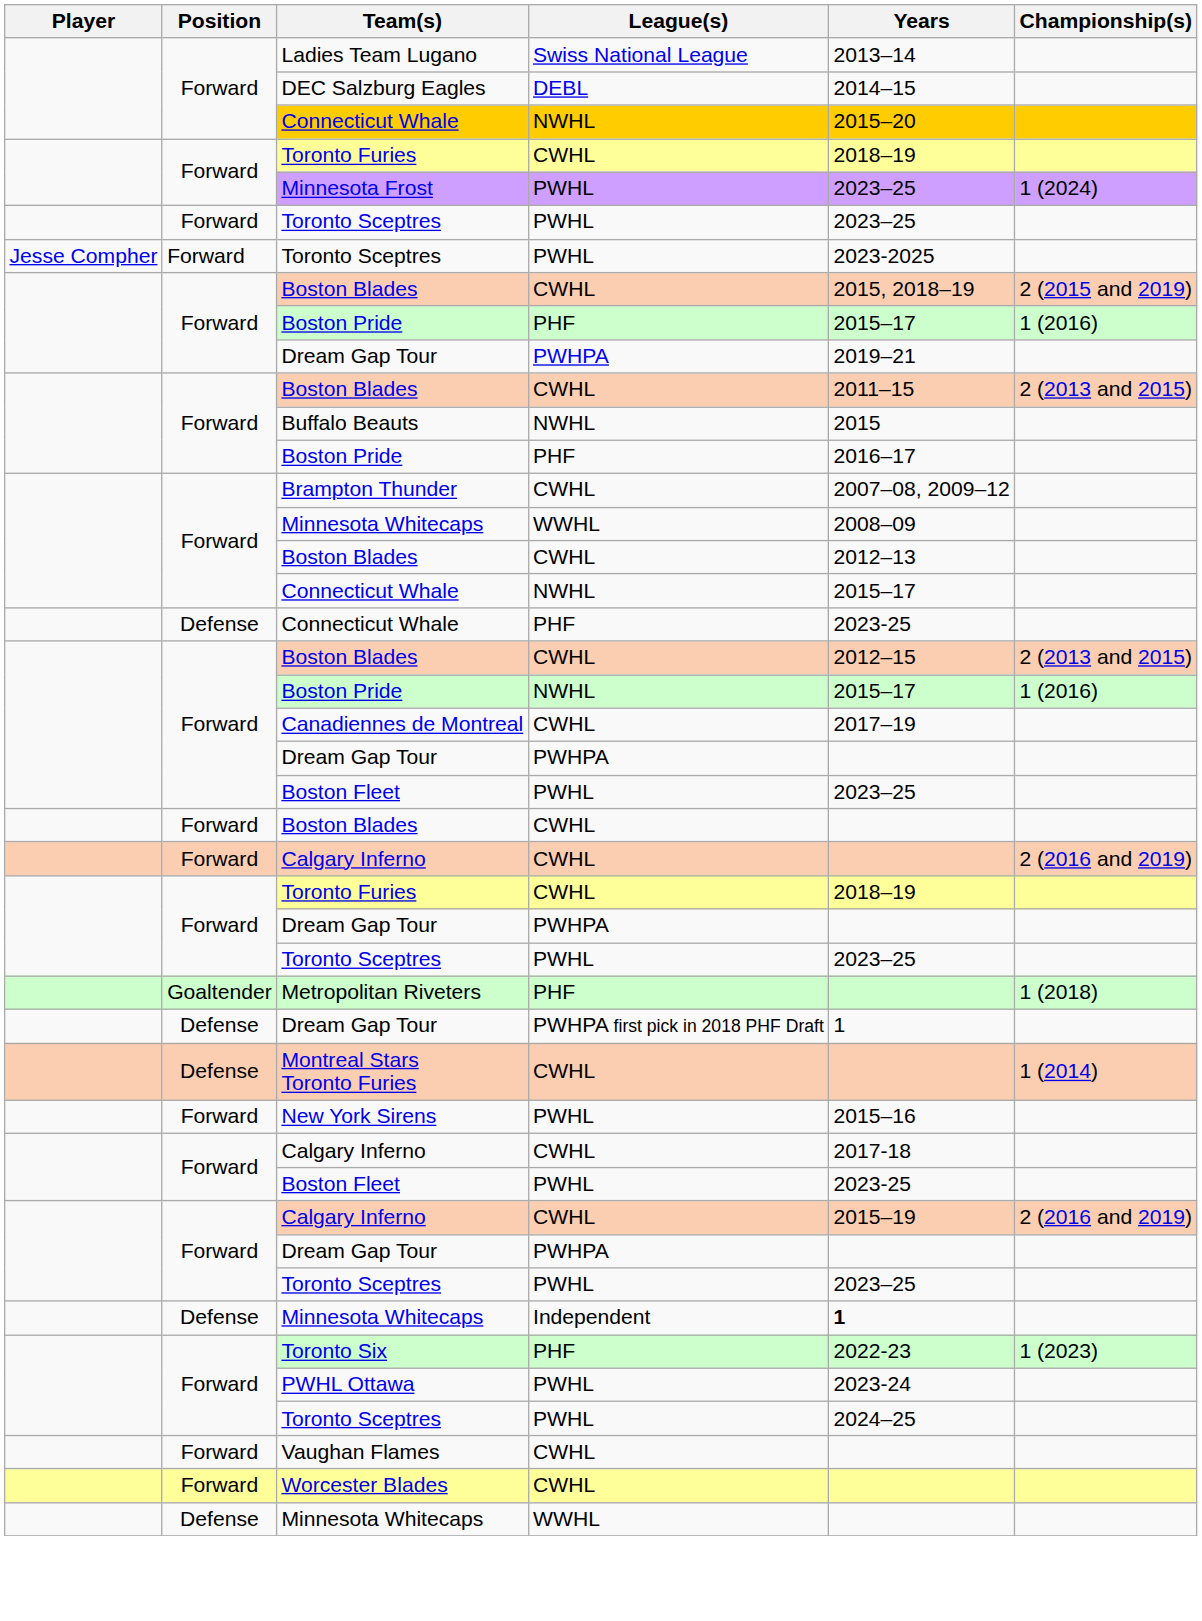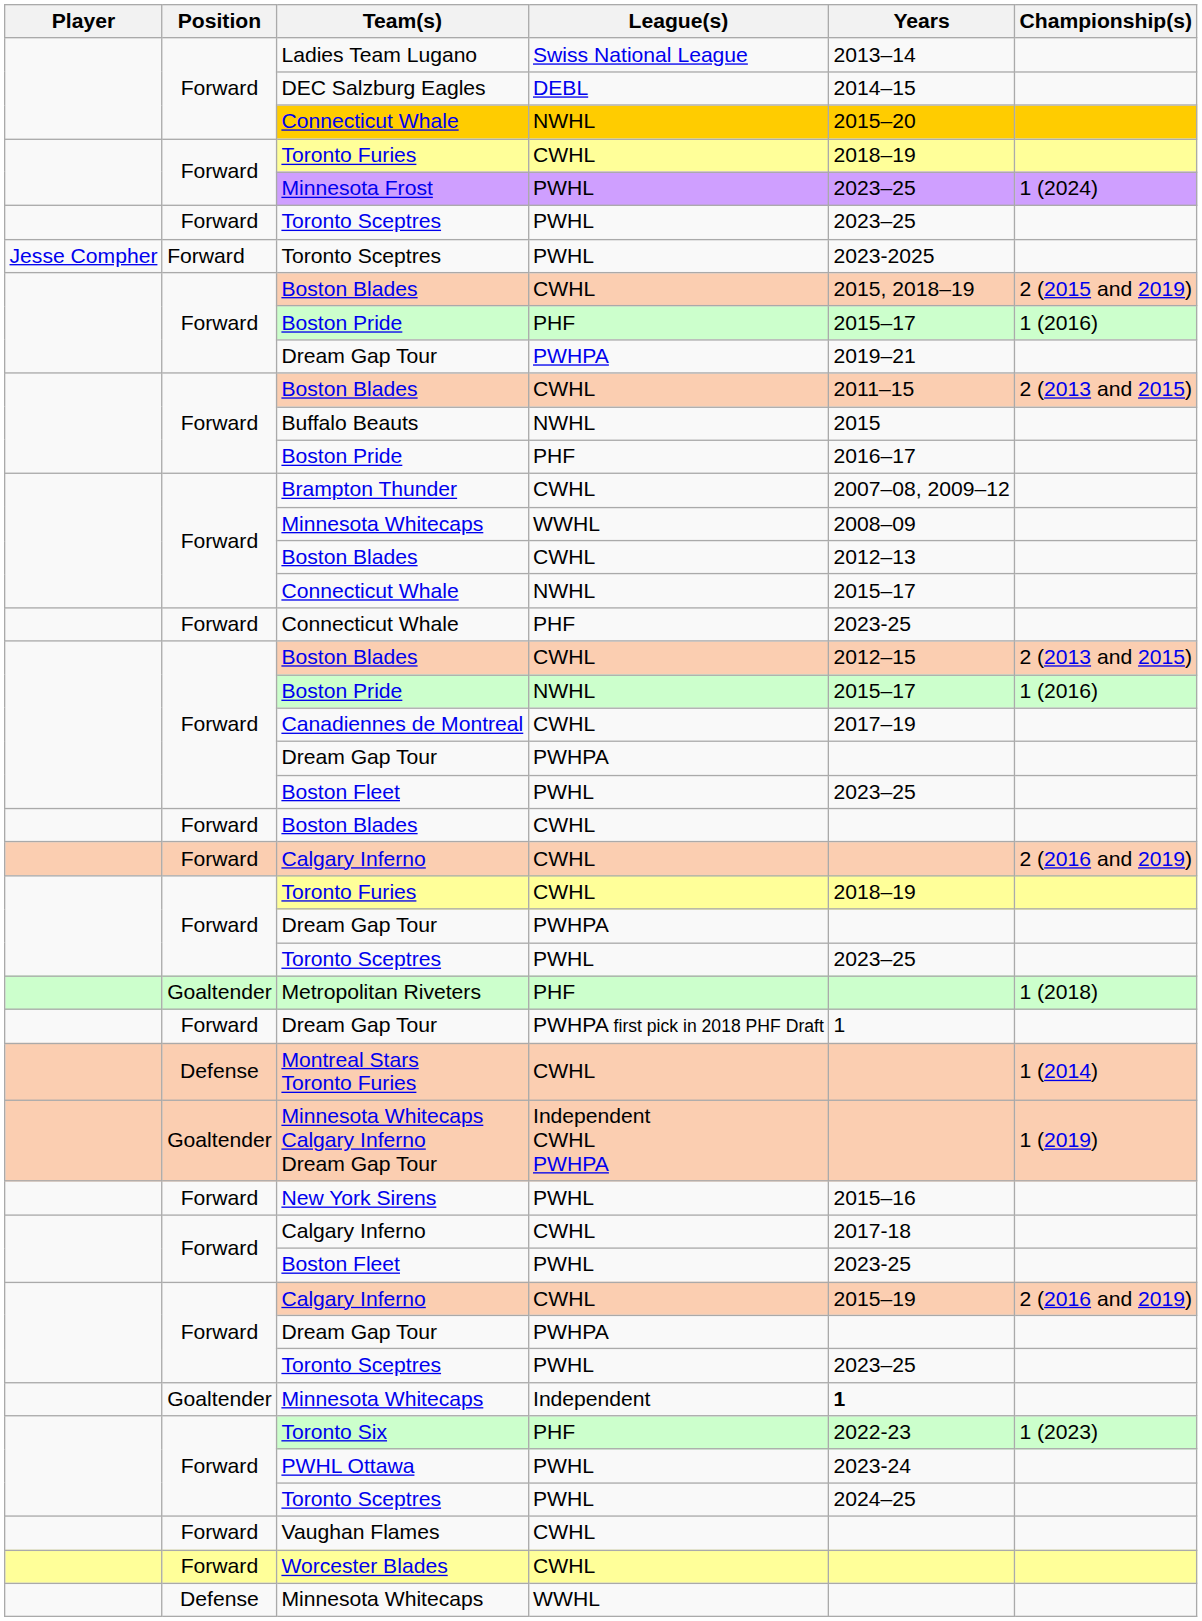 <table class="wikitable sortable">
 <tr>
 <th>Player</th>
 <th>Position</th>
 <th>Team(s)</th>
 <th>League(s)</th>
 <th>Years</th>
 <th>Championship(s)</th>
 </tr>
 <tr>
 <td rowspan="3"></td>
 <td align="center"  rowspan="3">Forward</td>
 <td>Ladies Team Lugano</td>
 <td><a href='#'>Swiss National League</a></td>
 <td>2013–14</td>
 <td></td>
 </tr>
 <tr>
 <td>DEC Salzburg Eagles</td>
 <td><a href='#'>DEBL</a></td>
 <td>2014–15</td>
 <td></td>
 </tr>
 <tr bgcolor=FFCC00>
 <td><a href='#'>Connecticut Whale</a></td>
 <td>NWHL</td>
 <td>2015–20</td>
 <td></td>
 </tr>
 <tr>
 <td rowspan="2"></td>
 <td rowspan="2" align="center">Forward</td>
 <td bgcolor="FFFF99"><a href='#'>Toronto Furies</a></td>
 <td bgcolor="FFFF99">CWHL</td>
 <td bgcolor="FFFF99">2018–19</td>
 <td bgcolor="FFFF99"></td>
 </tr>
 <tr>
 <td bgcolor="CF9FFF"><a href='#'>Minnesota Frost</a></td>
 <td bgcolor="CF9FFF">PWHL</td>
 <td bgcolor="CF9FFF">2023–25</td>
 <td bgcolor="CF9FFF">1 (2024)</td>
 </tr>
 <tr>
 <td></td>
 <td align="center">Forward</td>
 <td><a href='#'>Toronto Sceptres</a></td>
 <td>PWHL</td>
 <td>2023–25</td>
 <td></td>
 </tr>
 <tr>
 <td><a href='#'>Jesse Compher</a></td>
 <td>Forward</td>
 <td>Toronto Sceptres</td>
 <td>PWHL</td>
 <td>2023-2025</td>
 <td></td>
 </tr>
 <tr>
 <td rowspan="3"></td>
 <td align="center"rowspan="3">Forward</td>
 <td bgcolor="FBCEB1"><a href='#'>Boston Blades</a></td>
 <td bgcolor="FBCEB1">CWHL</td>
 <td bgcolor="FBCEB1">2015, 2018–19</td>
 <td bgcolor="FBCEB1">2 (<a href='#'>2015</a> and <a href='#'>2019</a>)</td>
 </tr>
 <tr>
 <td bgcolor=#CCFFCC><a href='#'>Boston Pride</a></td>
 <td bgcolor=#CCFFCC>PHF</td>
 <td bgcolor=#CCFFCC>2015–17</td>
 <td bgcolor=#CCFFCC>1 (2016)</td>
 </tr>
 <tr>
 <td>Dream Gap Tour</td>
 <td><a href='#'>PWHPA</a></td>
 <td>2019–21</td>
 <td></td>
 </tr>
 <tr>
 <td rowspan="3"></td>
 <td rowspan="3" align="center">Forward</td>
 <td bgcolor="FBCEB1"><a href='#'>Boston Blades</a></td>
 <td bgcolor="FBCEB1">CWHL</td>
 <td bgcolor="FBCEB1">2011–15</td>
 <td bgcolor="FBCEB1">2 (<a href='#'>2013</a> and <a href='#'>2015</a>)</td>
 </tr>
 <tr>
 <td>Buffalo Beauts</td>
 <td>NWHL</td>
 <td>2015</td>
 <td></td>
 </tr>
 <tr>
 <td><a href='#'>Boston Pride</a></td>
 <td>PHF</td>
 <td>2016–17</td>
 <td></td>
 </tr>
 <tr bgcolor="">
 <td rowspan="4"></td>
 <td rowspan="4" align="center">Forward</td>
 <td><a href='#'>Brampton Thunder</a></td>
 <td>CWHL</td>
 <td>2007–08, 2009–12</td>
 <td></td>
 </tr>
 <tr>
 <td><a href='#'>Minnesota Whitecaps</a></td>
 <td>WWHL</td>
 <td>2008–09</td>
 <td></td>
 </tr>
 <tr>
 <td><a href='#'>Boston Blades</a></td>
 <td>CWHL</td>
 <td>2012–13</td>
 <td></td>
 </tr>
 <tr>
 <td><a href='#'>Connecticut Whale</a></td>
 <td>NWHL</td>
 <td>2015–17</td>
 <td></td>
 </tr>
 <tr bgcolor="">
 <td></td>
-<td align="center">Defense</td>
+<td align="center">Forward</td>
 <td>Connecticut Whale</td>
 <td>PHF</td>
 <td>2023-25</td>
 <td></td>
 </tr>
 <tr bgcolor="">
 <td rowspan="5"></td>
 <td rowspan="5" align="center">Forward</td>
 <td bgcolor="FBCEB1"><a href='#'>Boston Blades</a></td>
 <td bgcolor="FBCEB1">CWHL</td>
 <td bgcolor="FBCEB1">2012–15</td>
 <td bgcolor="FBCEB1">2 (<a href='#'>2013</a> and <a href='#'>2015</a>)</td>
 </tr>
 <tr>
 <td bgcolor="#CCFFCC"><a href='#'>Boston Pride</a></td>
 <td bgcolor="#CCFFCC">NWHL</td>
 <td bgcolor="#CCFFCC">2015–17</td>
 <td bgcolor="#CCFFCC">1 (2016)</td>
 </tr>
 <tr>
 <td><a href='#'>Canadiennes de Montreal</a></td>
 <td>CWHL</td>
 <td>2017–19</td>
 <td></td>
 </tr>
 <tr>
 <td>Dream Gap Tour</td>
 <td>PWHPA</td>
 <td></td>
 <td></td>
 </tr>
 <tr>
 <td><a href='#'>Boston Fleet</a></td>
 <td>PWHL</td>
 <td>2023–25</td>
 <td></td>
 </tr>
 <tr bgcolor="">
 <td></td>
 <td align="center">Forward</td>
 <td><a href='#'>Boston Blades</a></td>
 <td>CWHL</td>
 <td></td>
 <td></td>
 </tr>
 <tr bgcolor="FBCEB1">
 <td></td>
 <td align="center">Forward</td>
 <td><a href='#'>Calgary Inferno</a></td>
 <td>CWHL</td>
 <td></td>
 <td>2 (<a href='#'>2016</a> and <a href='#'>2019</a>)</td>
 </tr>
 <tr>
 <td rowspan="3"></td>
 <td rowspan="3" align="center">Forward</td>
 <td bgcolor="FFFF99"><a href='#'>Toronto Furies</a></td>
 <td bgcolor="FFFF99">CWHL</td>
 <td bgcolor="FFFF99">2018–19</td>
 <td bgcolor="FFFF99"></td>
 </tr>
 <tr>
 <td>Dream Gap Tour</td>
 <td>PWHPA</td>
 <td></td>
 <td></td>
 </tr>
 <tr>
 <td><a href='#'>Toronto Sceptres</a></td>
 <td>PWHL</td>
 <td>2023–25</td>
 <td></td>
 </tr>
 <tr bgcolor="CCFFCC">
 <td></td>
 <td align="center">Goaltender</td>
 <td>Metropolitan Riveters</td>
 <td>PHF</td>
 <td></td>
 <td>1 (2018)</td>
 </tr>
 <tr bgcolor=>
 <td></td>
-<td align="center">Defense</td>
+<td align="center">Forward</td>
 <td>Dream Gap Tour</td>
 <td>PWHPA <small>first pick in 2018 PHF Draft</small></td>
 <td>1</td>
 <td></td>
 </tr>
 <tr bgcolor="FBCEB1">
 <td></td>
 <td align="center">Defense</td>
 <td><a href='#'>Montreal Stars</a><br><a href='#'>Toronto Furies</a></td>
 <td>CWHL</td>
 <td></td>
 <td>1 (<a href='#'>2014</a>)</td>
+</tr>
+<tr bgcolor="FBCEB1">
+<td></td>
+<td align="center">Goaltender</td>
+<td><a href='#'>Minnesota Whitecaps</a><br><a href='#'>Calgary Inferno</a><br>Dream Gap Tour</td>
+<td>Independent<br>CWHL<br><a href='#'>PWHPA</a></td>
+<td></td>
+<td>1 (<a href='#'>2019</a>)</td>
 </tr>
 <tr bgcolor="">
 <td></td>
 <td align="center">Forward</td>
 <td><a href='#'>New York Sirens</a></td>
 <td>PWHL</td>
 <td>2015–16</td>
 <td></td>
 </tr>
 <tr bgcolor="">
 <td rowspan="2"></td>
 <td rowspan="2" align="center">Forward</td>
 <td>Calgary Inferno</td>
 <td>CWHL</td>
 <td>2017-18</td>
 <td></td>
 </tr>
 <tr>
 <td><a href='#'>Boston Fleet</a></td>
 <td>PWHL</td>
 <td>2023-25</td>
 <td></td>
 </tr>
 <tr>
 <td rowspan="3"></td>
 <td rowspan="3" align="center">Forward</td>
 <td bgcolor="FBCEB1"><a href='#'>Calgary Inferno</a></td>
 <td bgcolor="FBCEB1">CWHL</td>
 <td bgcolor="FBCEB1">2015–19</td>
 <td bgcolor="FBCEB1">2 (<a href='#'>2016</a> and <a href='#'>2019</a>)</td>
 </tr>
 <tr>
 <td>Dream Gap Tour</td>
 <td>PWHPA</td>
 <td></td>
 <td></td>
 </tr>
 <tr>
 <td><a href='#'>Toronto Sceptres</a></td>
 <td>PWHL</td>
 <td>2023–25</td>
 <td></td>
 </tr>
 <tr bgcolor="">
 <td></td>
-<td align="center">Defense</td>
+<td align="center">Goaltender</td>
 <td><a href='#'>Minnesota Whitecaps</a></td>
 <td>Independent</td>
 <td><strong>1</strong></td>
 <td></td>
 </tr>
 <tr>
 <td rowspan="3"></td>
 <td rowspan="3" align="center">Forward</td>
 <td bgcolor="CCFFCC"><a href='#'>Toronto Six</a></td>
 <td bgcolor="CCFFCC">PHF</td>
 <td bgcolor="CCFFCC">2022-23</td>
 <td bgcolor="CCFFCC">1 (2023)</td>
 </tr>
 <tr>
 <td><a href='#'>PWHL Ottawa</a></td>
 <td>PWHL</td>
 <td>2023-24</td>
 <td></td>
 </tr>
 <tr>
 <td><a href='#'>Toronto Sceptres</a></td>
 <td>PWHL</td>
 <td>2024–25</td>
 <td></td>
 </tr>
 <tr bgcolor="">
 <td></td>
 <td align="center">Forward</td>
 <td>Vaughan Flames</td>
 <td>CWHL</td>
 <td></td>
 <td></td>
 </tr>
 <tr bgcolor="FFFF99">
 <td></td>
 <td align="center">Forward</td>
 <td><a href='#'>Worcester Blades</a></td>
 <td>CWHL</td>
 <td></td>
 <td></td>
 </tr>
 <tr bgcolor="">
 <td></td>
 <td align="center">Defense</td>
 <td>Minnesota Whitecaps</td>
 <td>WWHL</td>
 <td></td>
 <td></td>
 </tr>
 </table>
